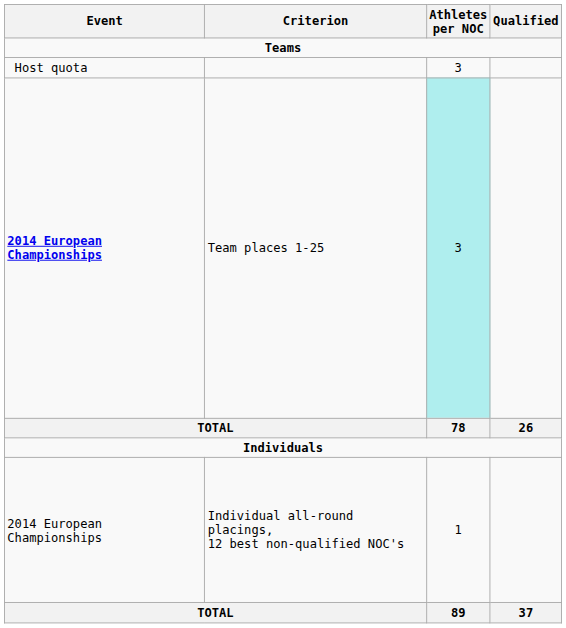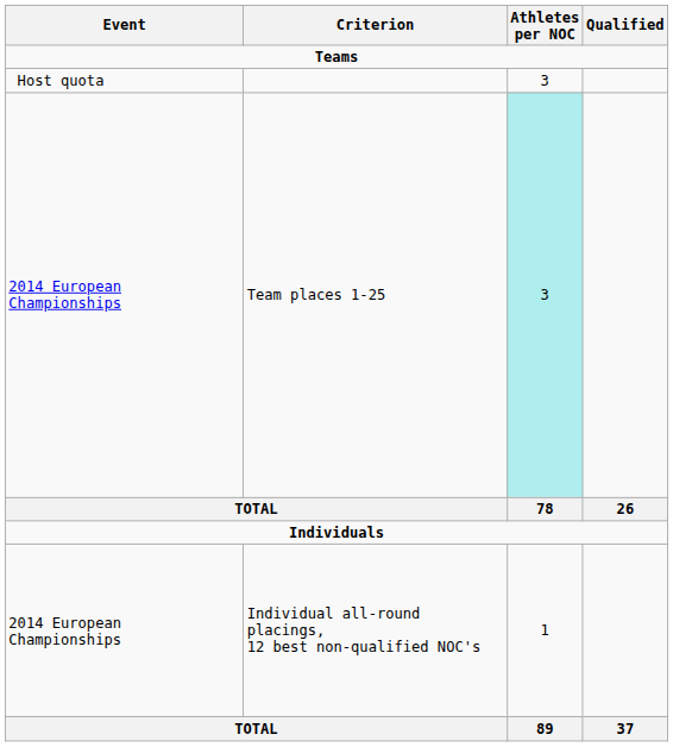 <table class="wikitable" style="width:600px;">
 <tr>
 <th>Event</th>
 <th>Criterion</th>
 <th>Athletes<br>per NOC</th>
 <th>Qualified</th>
 </tr>
 <tr>
 <td colspan="4" style="text-align:center"><strong>Teams</strong></td>
 </tr>
 <tr>
 <td> Host quota</td>
 <td> </td>
 <td align=center>3</td>
 <td></td>
 </tr>
 <tr>
-<td><strong><a href='#'>2014 European Championships</a></strong></td>
+<td><a href='#'>2014 European Championships</a></td>
 <td>Team places 1-25</td>
 <td align=center style="background: paleturquoise;">3</td>
 <td><br><br><br><br><br><br><br><br><br><br><br><br><br><br><br><br><br><br><br><br><br><br><br><br></td>
 </tr>
 <tr>
 <th colspan="2">TOTAL</th>
 <th>78</th>
 <th>26</th>
 </tr>
 <tr>
 <td colspan="4" style="text-align:center"><strong>Individuals</strong></td>
 </tr>
 <tr>
 <td>2014 European Championships</td>
 <td>Individual all-round placings,<br>12 best non-qualified NOC's</td>
 <td align=center>1</td>
 <td><br><br><br><br><br><br><br><br><br><br></td>
 </tr>
 <tr>
 <th colspan="2">TOTAL</th>
 <th>89</th>
 <th>37</th>
 </tr>
 </table>
